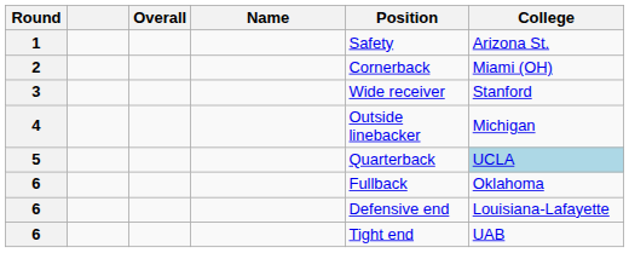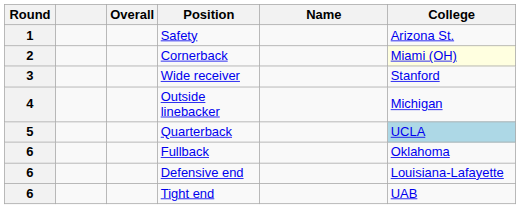 <table class="wikitable sortable" style="width: 50%;">
 <tr>
 <th scope="col" style="width: 10%;">Round</th>
 <th scope="col" style="width: 10%;"></th>
 <th scope="col" style="width: 10%;">Overall</th>
+<th scope="col" style="width: 20%;">Position</th>
 <th scope="col" style="width: 25%;">Name</th>
-<th scope="col" style="width: 20%;">Position</th>
 <th scope="col" style="width: 25%;">College</th>
 </tr>
 <tr>
 <th scope="row">1</th>
 <td></td>
 <td></td>
+<td><a href='#'>Safety</a></td>
 <td></td>
-<td><a href='#'>Safety</a></td>
 <td><a href='#'>Arizona St.</a></td>
 </tr>
 <tr>
 <th scope="row">2</th>
 <td></td>
 <td></td>
+<td><a href='#'>Cornerback</a></td>
 <td></td>
-<td><a href='#'>Cornerback</a></td>
-<td><a href='#'>Miami (OH)</a></td>
+<td style="background: lightyellow;"><a href='#'>Miami (OH)</a></td>
 </tr>
 <tr>
 <th scope="row">3</th>
 <td></td>
 <td></td>
+<td><a href='#'>Wide receiver</a></td>
 <td></td>
-<td><a href='#'>Wide receiver</a></td>
 <td><a href='#'>Stanford</a></td>
 </tr>
 <tr>
 <th scope="row">4</th>
 <td></td>
 <td></td>
+<td><a href='#'>Outside linebacker</a></td>
 <td></td>
-<td><a href='#'>Outside linebacker</a></td>
 <td><a href='#'>Michigan</a></td>
 </tr>
 <tr>
 <th scope="row">5</th>
 <td></td>
 <td></td>
+<td><a href='#'>Quarterback</a></td>
 <td></td>
-<td><a href='#'>Quarterback</a></td>
 <td style="background: lightblue;"><a href='#'>UCLA</a></td>
 </tr>
 <tr>
 <th scope="row">6</th>
 <td></td>
 <td></td>
+<td><a href='#'>Fullback</a></td>
 <td></td>
-<td><a href='#'>Fullback</a></td>
 <td><a href='#'>Oklahoma</a></td>
 </tr>
 <tr>
 <th scope="row">6</th>
 <td></td>
 <td></td>
+<td><a href='#'>Defensive end</a></td>
 <td></td>
-<td><a href='#'>Defensive end</a></td>
 <td><a href='#'>Louisiana-Lafayette</a></td>
 </tr>
 <tr>
 <th scope="row">6</th>
 <td></td>
 <td></td>
+<td><a href='#'>Tight end</a></td>
 <td></td>
-<td><a href='#'>Tight end</a></td>
 <td><a href='#'>UAB</a></td>
 </tr>
 </table>
